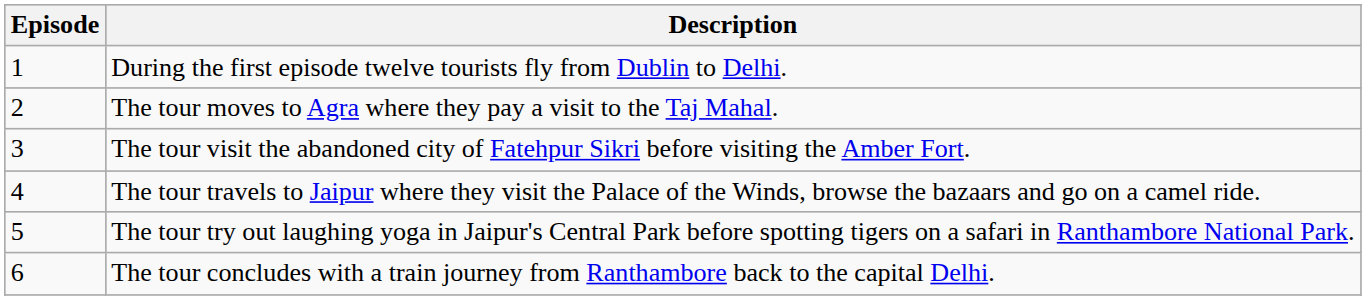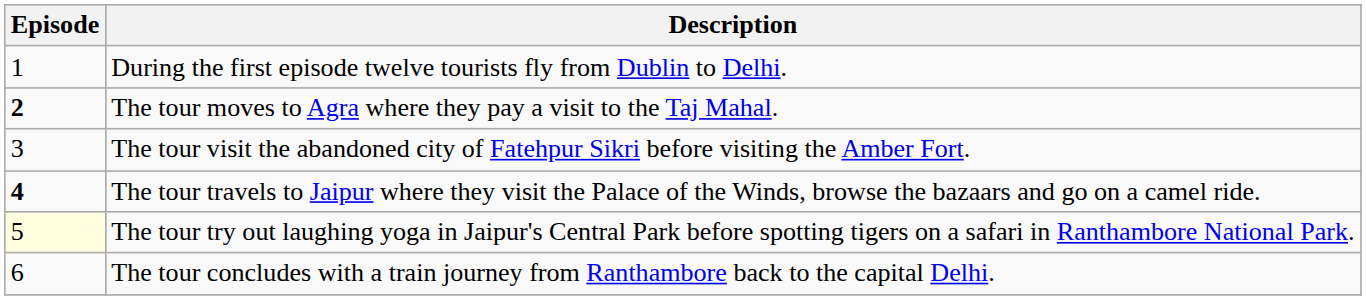 <table class="wikitable">
 <tr>
 <th>Episode</th>
 <th>Description</th>
 </tr>
 <tr>
 <td>1</td>
 <td>During the first episode twelve tourists fly from <a href='#'>Dublin</a> to <a href='#'>Delhi</a>.</td>
 </tr>
 <tr>
-<td>2</td>
+<td><strong>2</strong></td>
 <td>The tour moves to <a href='#'>Agra</a> where they pay a visit to the <a href='#'>Taj Mahal</a>.</td>
 </tr>
 <tr>
 <td>3</td>
 <td>The tour visit the abandoned city of <a href='#'>Fatehpur Sikri</a> before visiting the <a href='#'>Amber Fort</a>.</td>
 </tr>
 <tr>
-<td>4</td>
+<td><strong>4</strong></td>
 <td>The tour travels to <a href='#'>Jaipur</a> where they visit the Palace of the Winds, browse the bazaars and go on a camel ride.</td>
 </tr>
 <tr>
-<td>5</td>
+<td style="background: lightyellow;">5</td>
 <td>The tour try out laughing yoga in Jaipur's Central Park before spotting tigers on a safari in <a href='#'>Ranthambore National Park</a>.</td>
 </tr>
 <tr>
 <td>6</td>
 <td>The tour concludes with a train journey from <a href='#'>Ranthambore</a> back to the capital <a href='#'>Delhi</a>.</td>
 </tr>
 </table>
